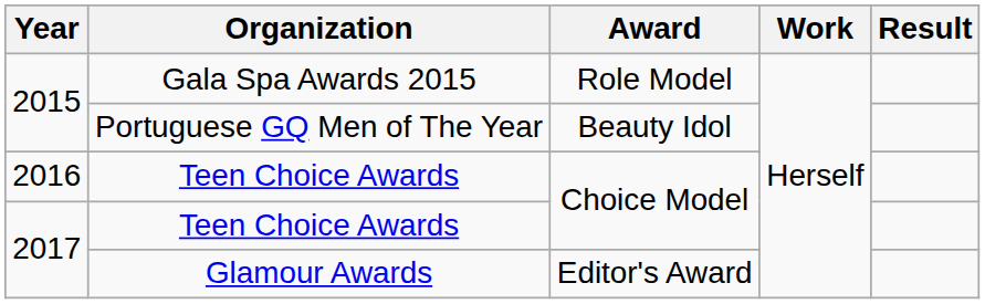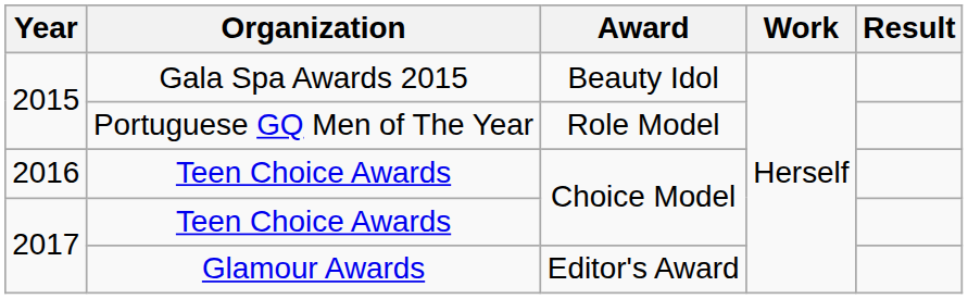 <table class="wikitable plainrowheaders" style="text-align:center;">
 <tr>
 <th>Year</th>
 <th>Organization</th>
 <th>Award</th>
 <th>Work</th>
 <th>Result</th>
 </tr>
 <tr>
 <td rowspan="2">2015</td>
 <td>Gala Spa Awards 2015</td>
-<td>Role Model</td>
+<td>Beauty Idol</td>
 <td rowspan="5">Herself</td>
 <td></td>
 </tr>
 <tr>
 <td>Portuguese <a href='#'>GQ</a> Men of The Year</td>
-<td>Beauty Idol</td>
+<td>Role Model</td>
 <td></td>
 </tr>
 <tr>
 <td rowspan="1">2016</td>
 <td><a href='#'>Teen Choice Awards</a></td>
 <td rowspan="2">Choice Model</td>
 <td></td>
 </tr>
 <tr>
 <td rowspan="2">2017</td>
 <td><a href='#'>Teen Choice Awards</a></td>
 <td></td>
 </tr>
 <tr>
 <td><a href='#'>Glamour Awards</a></td>
 <td>Editor's Award</td>
 <td></td>
 </tr>
 </table>
